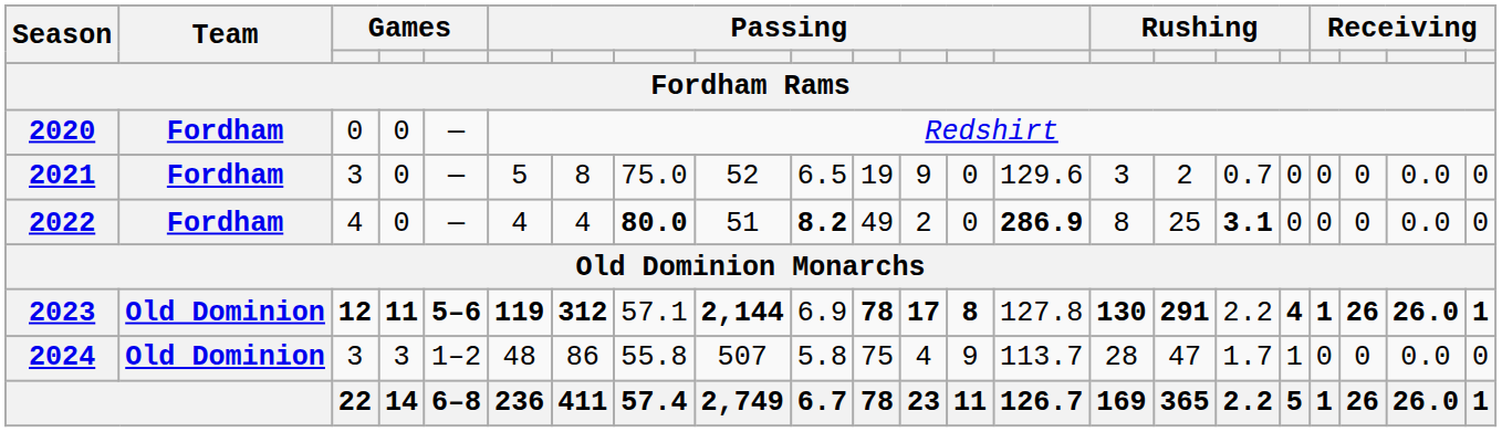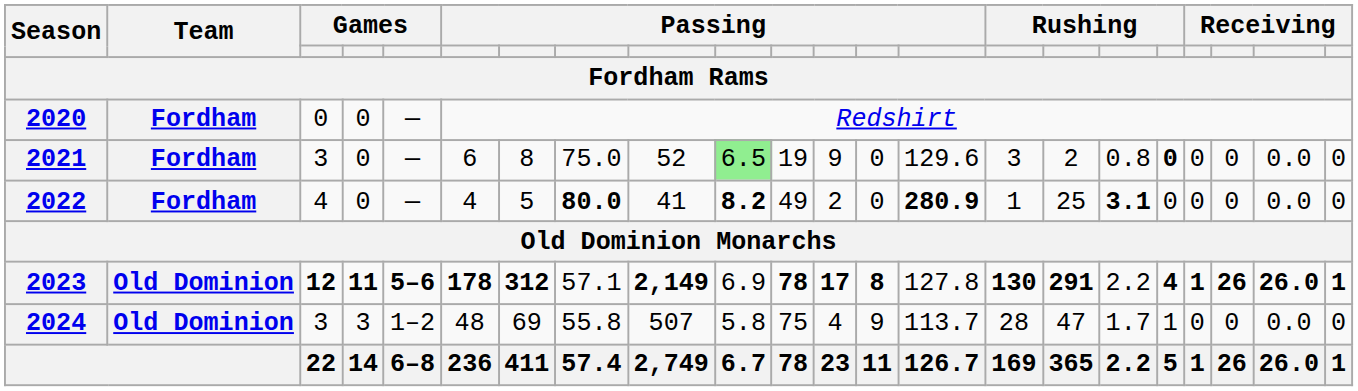 <table class="wikitable" style="text-align:center;">
 <tr>
 <th rowspan="2">Season</th>
 <th rowspan="2">Team</th>
 <th colspan="3">Games</th>
 <th colspan="9">Passing</th>
 <th colspan="4">Rushing</th>
 <th colspan="4">Receiving</th>
 </tr>
 <tr>
 <th></th>
 <th></th>
 <th></th>
 <th></th>
 <th></th>
 <th></th>
 <th></th>
 <th></th>
 <th></th>
 <th></th>
 <th></th>
 <th></th>
 <th></th>
 <th></th>
 <th></th>
 <th></th>
 <th></th>
 <th></th>
 <th></th>
 <th></th>
 </tr>
 <tr>
 <th colspan="22">Fordham Rams</th>
 </tr>
 <tr>
 <th><a href='#'>2020</a></th>
 <th><a href='#'>Fordham</a></th>
 <td>0</td>
 <td>0</td>
 <td>—</td>
 <td colspan="17"> <em><a href='#'>Redshirt</a></em></td>
 </tr>
 <tr>
 <th><a href='#'>2021</a></th>
 <th><a href='#'>Fordham</a></th>
 <td>3</td>
 <td>0</td>
 <td>—</td>
-<td>5</td>
+<td>6</td>
 <td>8</td>
 <td>75.0</td>
 <td>52</td>
-<td>6.5</td>
+<td style="background: lightgreen;">6.5</td>
 <td>19</td>
 <td>9</td>
 <td>0</td>
 <td>129.6</td>
 <td>3</td>
 <td>2</td>
-<td>0.7</td>
-<td>0</td>
+<td>0.8</td>
+<td><strong>0</strong></td>
 <td>0</td>
 <td>0</td>
 <td>0.0</td>
 <td>0</td>
 </tr>
 <tr>
 <th><a href='#'>2022</a></th>
 <th><a href='#'>Fordham</a></th>
 <td>4</td>
 <td>0</td>
 <td>—</td>
 <td>4</td>
-<td>4</td>
+<td>5</td>
 <td><strong>80.0</strong></td>
-<td>51</td>
+<td>41</td>
 <td><strong>8.2</strong></td>
 <td>49</td>
 <td>2</td>
 <td>0</td>
-<td><strong>286.9</strong></td>
-<td>8</td>
+<td><strong>280.9</strong></td>
+<td>1</td>
 <td>25</td>
 <td><strong>3.1</strong></td>
 <td>0</td>
 <td>0</td>
 <td>0</td>
 <td>0.0</td>
 <td>0</td>
 </tr>
 <tr>
 <th colspan="22">Old Dominion Monarchs</th>
 </tr>
 <tr>
 <th><a href='#'>2023</a></th>
 <th><a href='#'>Old Dominion</a></th>
 <td><strong>12</strong></td>
 <td><strong>11</strong></td>
 <td><strong>5–6</strong></td>
-<td><strong>119</strong></td>
+<td><strong>178</strong></td>
 <td><strong>312</strong></td>
 <td>57.1</td>
-<td><strong>2,144</strong></td>
+<td><strong>2,149</strong></td>
 <td>6.9</td>
 <td><strong>78</strong></td>
 <td><strong>17</strong></td>
 <td><strong>8</strong></td>
 <td>127.8</td>
 <td><strong>130</strong></td>
 <td><strong>291</strong></td>
 <td>2.2</td>
 <td><strong>4</strong></td>
 <td><strong>1</strong></td>
 <td><strong>26</strong></td>
 <td><strong>26.0</strong></td>
 <td><strong>1</strong></td>
 </tr>
 <tr>
 <th><a href='#'>2024</a></th>
 <th><a href='#'>Old Dominion</a></th>
 <td>3</td>
 <td>3</td>
 <td>1–2</td>
 <td>48</td>
-<td>86</td>
+<td>69</td>
 <td>55.8</td>
 <td>507</td>
 <td>5.8</td>
 <td>75</td>
 <td>4</td>
 <td>9</td>
 <td>113.7</td>
 <td>28</td>
 <td>47</td>
 <td>1.7</td>
 <td>1</td>
 <td>0</td>
 <td>0</td>
 <td>0.0</td>
 <td>0</td>
 </tr>
 <tr>
 <th colspan="2"></th>
 <th>22</th>
 <th>14</th>
 <th>6–8</th>
 <th>236</th>
 <th>411</th>
 <th>57.4</th>
 <th>2,749</th>
 <th>6.7</th>
 <th>78</th>
 <th>23</th>
 <th>11</th>
 <th>126.7</th>
 <th>169</th>
 <th>365</th>
 <th>2.2</th>
 <th>5</th>
 <th>1</th>
 <th>26</th>
 <th>26.0</th>
 <th>1</th>
 </tr>
 </table>
